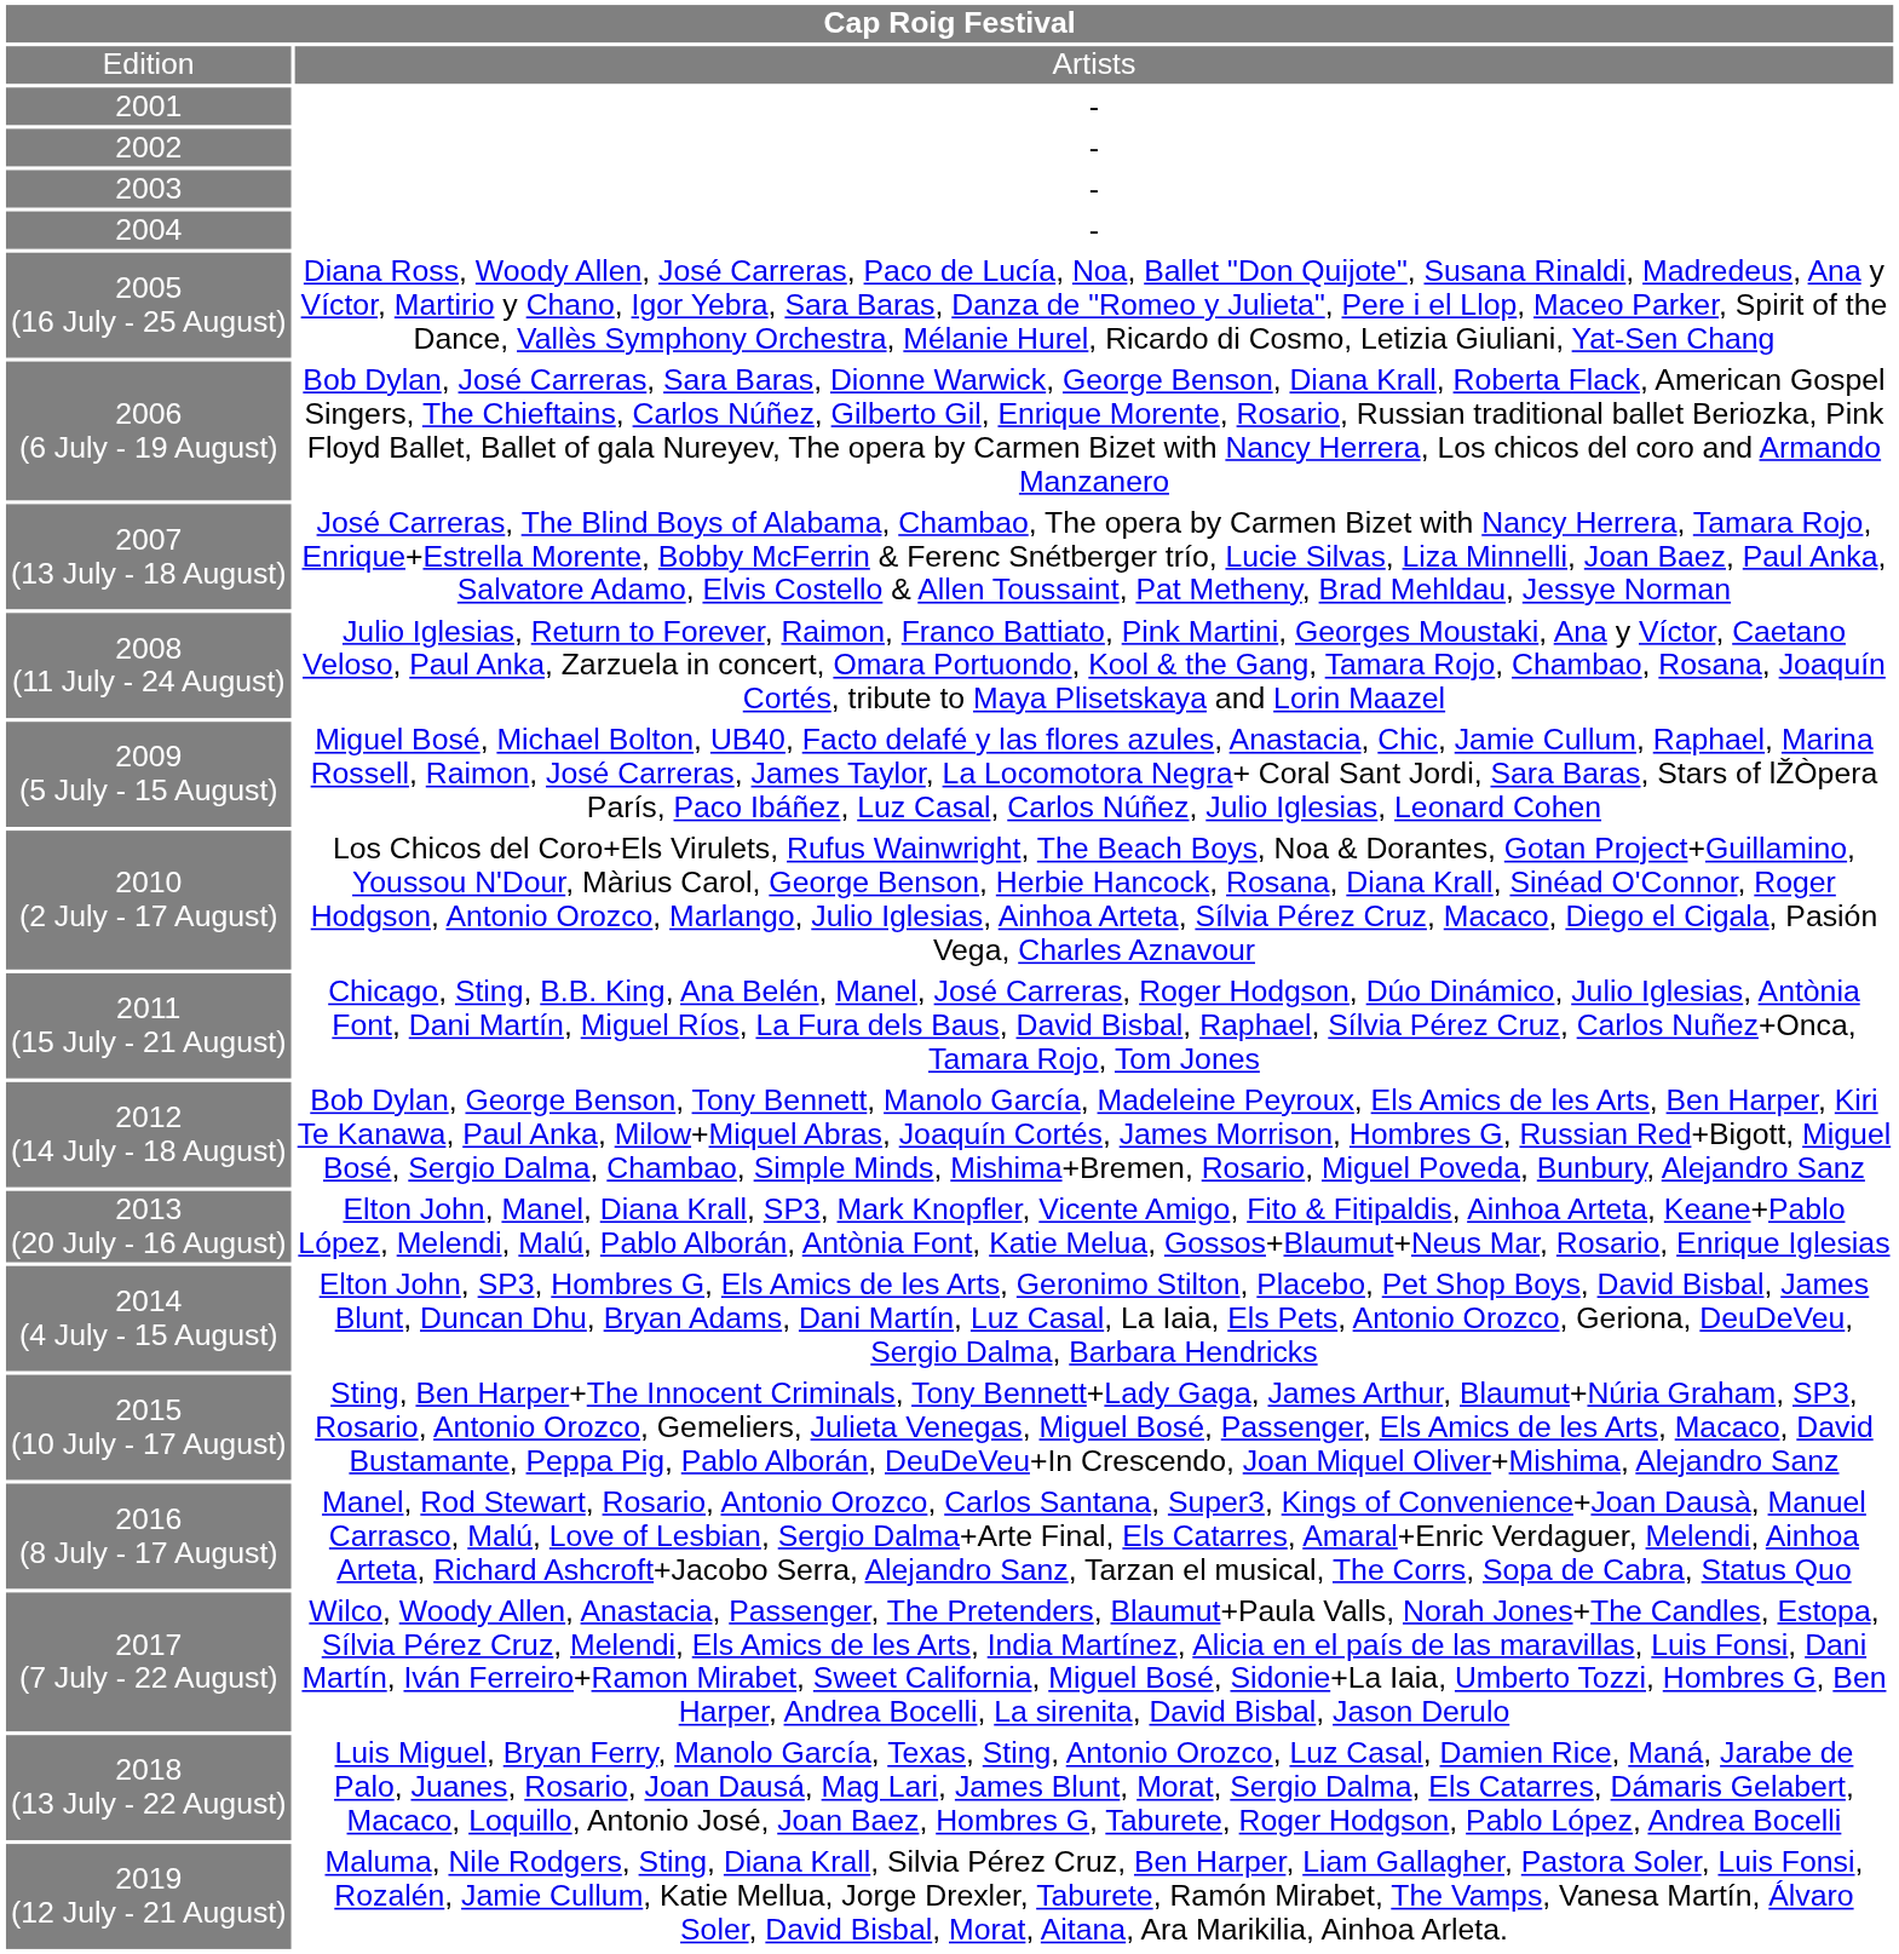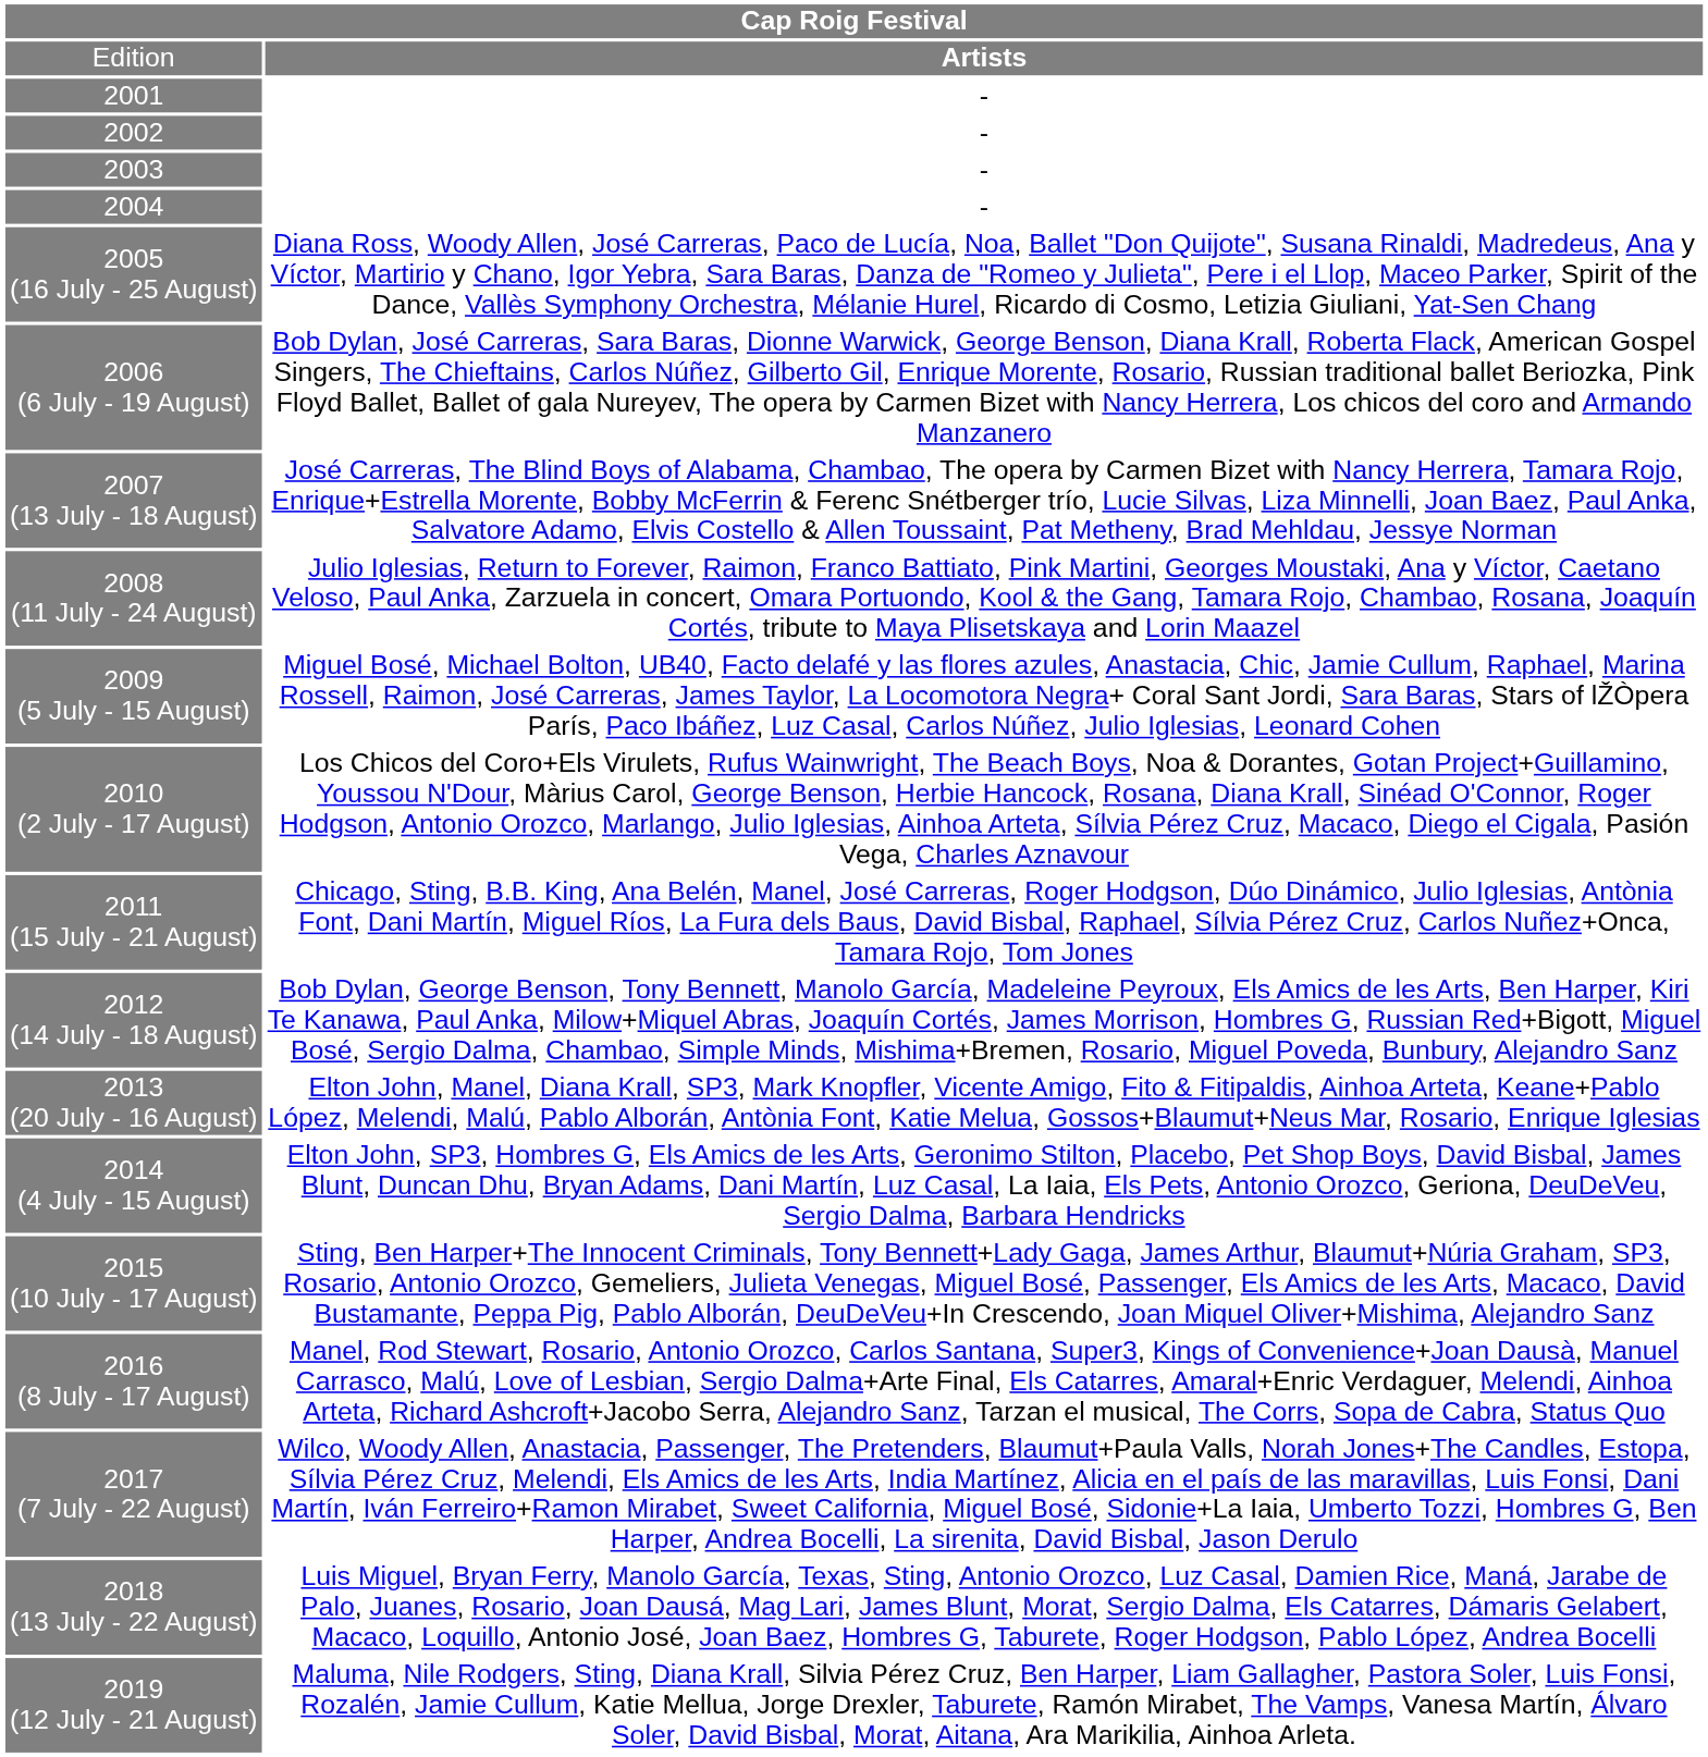 <table align="center">
 <tr>
 <td align="center" style="color:white" bgcolor="gray" colspan=2><strong>Cap Roig Festival</strong></td>
 </tr>
 <tr>
 <td align="center" style="width:150px;color:white" bgcolor="gray">Edition</td>
-<td align="center" style="width:850px;color:white;background:gray;">Artists</td>
+<td align="center" style="width:850px;color:white;background:gray;"><strong>Artists</strong></td>
 </tr>
 <tr>
 <td align="center" style="width:150px;color:white" bgcolor="gray">2001</td>
 <td align="center" style="width:850px;color:black;background;white;">-</td>
 </tr>
 <tr>
 <td align="center" style="width:150px;color:white" bgcolor="gray">2002</td>
 <td align="center" style="width:850px;color:black;background;white;">-</td>
 </tr>
 <tr>
 <td align="center" style="width:150px;color:white" bgcolor="gray">2003</td>
 <td align="center" style="width:850px;color:black;background;white;">-</td>
 </tr>
 <tr>
 <td align="center" style="width:150px;color:white" bgcolor="gray">2004</td>
 <td align="center" style="width:850px;color:black;background;white;">-</td>
 </tr>
 <tr>
 <td align="center" style="width:150px;color:white" bgcolor="gray">2005<br>(16 July - 25 August)</td>
 <td align="center" style="width:850px;color:black;background;white;"><a href='#'>Diana Ross</a>, <a href='#'>Woody Allen</a>, <a href='#'>José Carreras</a>, <a href='#'>Paco de Lucía</a>, <a href='#'>Noa</a>, <a href='#'>Ballet "Don Quijote"</a>, <a href='#'>Susana Rinaldi</a>, <a href='#'>Madredeus</a>, <a href='#'>Ana</a> y <a href='#'>Víctor</a>, <a href='#'>Martirio</a> y <a href='#'>Chano</a>, <a href='#'>Igor Yebra</a>, <a href='#'>Sara Baras</a>, <a href='#'>Danza de "Romeo y Julieta"</a>, <a href='#'>Pere i el Llop</a>, <a href='#'>Maceo Parker</a>, Spirit of the Dance, <a href='#'>Vallès Symphony Orchestra</a>, <a href='#'>Mélanie Hurel</a>, Ricardo di Cosmo, Letizia Giuliani, <a href='#'>Yat-Sen Chang</a></td>
 </tr>
 <tr>
 <td align="center" style="width:150px;color:white" bgcolor="gray">2006<br>(6 July - 19 August)</td>
 <td align="center" style="width:850px;color:black;background;white;"><a href='#'>Bob Dylan</a>, <a href='#'>José Carreras</a>, <a href='#'>Sara Baras</a>, <a href='#'>Dionne Warwick</a>, <a href='#'>George Benson</a>, <a href='#'>Diana Krall</a>, <a href='#'>Roberta Flack</a>, American Gospel Singers, <a href='#'>The Chieftains</a>, <a href='#'>Carlos Núñez</a>, <a href='#'>Gilberto Gil</a>, <a href='#'>Enrique Morente</a>, <a href='#'>Rosario</a>, Russian traditional ballet Beriozka, Pink Floyd Ballet,  Ballet of gala Nureyev, The opera by Carmen Bizet with <a href='#'>Nancy Herrera</a>, Los chicos del coro and <a href='#'>Armando Manzanero</a></td>
 </tr>
 <tr>
 <td align="center" style="width:150px;color:white" bgcolor="gray">2007<br>(13 July - 18 August)</td>
 <td align="center" style="width:850px;color:black;background;white;"><a href='#'>José Carreras</a>, <a href='#'>The Blind Boys of Alabama</a>, <a href='#'>Chambao</a>, The opera by Carmen Bizet with <a href='#'>Nancy Herrera</a>, <a href='#'>Tamara Rojo</a>, <a href='#'>Enrique</a>+<a href='#'>Estrella Morente</a>, <a href='#'>Bobby McFerrin</a> & Ferenc Snétberger trío, <a href='#'>Lucie Silvas</a>, <a href='#'>Liza Minnelli</a>, <a href='#'>Joan Baez</a>, <a href='#'>Paul Anka</a>, <a href='#'>Salvatore Adamo</a>, <a href='#'>Elvis Costello</a> & <a href='#'>Allen Toussaint</a>, <a href='#'>Pat Metheny</a>, <a href='#'>Brad Mehldau</a>, <a href='#'>Jessye Norman</a></td>
 </tr>
 <tr>
 <td align="center" style="width:150px;color:white" bgcolor="gray">2008<br>(11 July - 24 August)</td>
 <td align="center" style="width:850px;color:black;background;white;"><a href='#'>Julio Iglesias</a>, <a href='#'>Return to Forever</a>, <a href='#'>Raimon</a>, <a href='#'>Franco Battiato</a>, <a href='#'>Pink Martini</a>, <a href='#'>Georges Moustaki</a>, <a href='#'>Ana</a> y <a href='#'>Víctor</a>, <a href='#'>Caetano Veloso</a>, <a href='#'>Paul Anka</a>, Zarzuela in concert, <a href='#'>Omara Portuondo</a>, <a href='#'>Kool & the Gang</a>, <a href='#'>Tamara Rojo</a>, <a href='#'>Chambao</a>, <a href='#'>Rosana</a>, <a href='#'>Joaquín Cortés</a>, tribute to <a href='#'>Maya Plisetskaya</a> and <a href='#'>Lorin Maazel</a></td>
 </tr>
 <tr>
 <td align="center" style="width:150px;color:white" bgcolor="gray">2009<br>(5 July - 15 August)</td>
 <td align="center" style="width:850px;color:black;background;white;"><a href='#'>Miguel Bosé</a>, <a href='#'>Michael Bolton</a>, <a href='#'>UB40</a>, <a href='#'>Facto delafé y las flores azules</a>, <a href='#'>Anastacia</a>, <a href='#'>Chic</a>, <a href='#'>Jamie Cullum</a>, <a href='#'>Raphael</a>, <a href='#'>Marina Rossell</a>, <a href='#'>Raimon</a>, <a href='#'>José Carreras</a>, <a href='#'>James Taylor</a>, <a href='#'>La Locomotora Negra</a>+ Coral Sant Jordi, <a href='#'>Sara Baras</a>, Stars of lŽÒpera París, <a href='#'>Paco Ibáñez</a>, <a href='#'>Luz Casal</a>, <a href='#'>Carlos Núñez</a>, <a href='#'>Julio Iglesias</a>, <a href='#'>Leonard Cohen</a></td>
 </tr>
 <tr>
 <td align="center" style="width:150px;color:white" bgcolor="gray">2010<br>(2 July - 17 August)</td>
 <td align="center" style="width:850px;color:black;background;white;">Los Chicos del Coro+Els Virulets, <a href='#'>Rufus Wainwright</a>, <a href='#'>The Beach Boys</a>, Noa & Dorantes, <a href='#'>Gotan Project</a>+<a href='#'>Guillamino</a>, <a href='#'>Youssou N'Dour</a>, Màrius Carol, <a href='#'>George Benson</a>, <a href='#'>Herbie Hancock</a>, <a href='#'>Rosana</a>, <a href='#'>Diana Krall</a>, <a href='#'>Sinéad O'Connor</a>, <a href='#'>Roger Hodgson</a>, <a href='#'>Antonio Orozco</a>, <a href='#'>Marlango</a>, <a href='#'>Julio Iglesias</a>, <a href='#'>Ainhoa Arteta</a>, <a href='#'>Sílvia Pérez Cruz</a>, <a href='#'>Macaco</a>, <a href='#'>Diego el Cigala</a>, Pasión Vega, <a href='#'>Charles Aznavour</a></td>
 </tr>
 <tr>
 <td align="center" style="width:150px;color:white" bgcolor="gray">2011<br>(15 July - 21 August)</td>
 <td align="center" style="width:850px;color:black;background;white;"><a href='#'>Chicago</a>, <a href='#'>Sting</a>, <a href='#'>B.B. King</a>, <a href='#'>Ana Belén</a>, <a href='#'>Manel</a>, <a href='#'>José Carreras</a>, <a href='#'>Roger Hodgson</a>, <a href='#'>Dúo Dinámico</a>, <a href='#'>Julio Iglesias</a>, <a href='#'>Antònia Font</a>, <a href='#'>Dani Martín</a>, <a href='#'>Miguel Ríos</a>, <a href='#'>La Fura dels Baus</a>, <a href='#'>David Bisbal</a>, <a href='#'>Raphael</a>, <a href='#'>Sílvia Pérez Cruz</a>, <a href='#'>Carlos Nuñez</a>+Onca, <a href='#'>Tamara Rojo</a>, <a href='#'>Tom Jones</a></td>
 </tr>
 <tr>
 <td align="center" style="width:150px;color:white" bgcolor="gray">2012<br>(14 July - 18 August)</td>
 <td align="center" style="width:850px;color:black;background;white;"><a href='#'>Bob Dylan</a>, <a href='#'>George Benson</a>, <a href='#'>Tony Bennett</a>, <a href='#'>Manolo García</a>, <a href='#'>Madeleine Peyroux</a>, <a href='#'>Els Amics de les Arts</a>, <a href='#'>Ben Harper</a>, <a href='#'>Kiri Te Kanawa</a>, <a href='#'>Paul Anka</a>, <a href='#'>Milow</a>+<a href='#'>Miquel Abras</a>, <a href='#'>Joaquín Cortés</a>, <a href='#'>James Morrison</a>, <a href='#'>Hombres G</a>, <a href='#'>Russian Red</a>+Bigott, <a href='#'>Miguel Bosé</a>, <a href='#'>Sergio Dalma</a>, <a href='#'>Chambao</a>, <a href='#'>Simple Minds</a>, <a href='#'>Mishima</a>+Bremen, <a href='#'>Rosario</a>, <a href='#'>Miguel Poveda</a>, <a href='#'>Bunbury</a>, <a href='#'>Alejandro Sanz</a></td>
 </tr>
 <tr>
 <td align="center" style="width:150px;color:white" bgcolor="gray">2013<br>(20 July - 16 August)</td>
 <td align="center" style="width:850px;color:black;background;white;"><a href='#'>Elton John</a>, <a href='#'>Manel</a>, <a href='#'>Diana Krall</a>, <a href='#'>SP3</a>, <a href='#'>Mark Knopfler</a>, <a href='#'>Vicente Amigo</a>, <a href='#'>Fito & Fitipaldis</a>, <a href='#'>Ainhoa Arteta</a>, <a href='#'>Keane</a>+<a href='#'>Pablo López</a>, <a href='#'>Melendi</a>, <a href='#'>Malú</a>, <a href='#'>Pablo Alborán</a>, <a href='#'>Antònia Font</a>, <a href='#'>Katie Melua</a>, <a href='#'>Gossos</a>+<a href='#'>Blaumut</a>+<a href='#'>Neus Mar</a>, <a href='#'>Rosario</a>, <a href='#'>Enrique Iglesias</a></td>
 </tr>
 <tr>
 <td align="center" style="width:150px;color:white" bgcolor="gray">2014<br>(4 July - 15 August)</td>
 <td align="center" style="width:850px;color:black;background;white;"><a href='#'>Elton John</a>, <a href='#'>SP3</a>, <a href='#'>Hombres G</a>, <a href='#'>Els Amics de les Arts</a>, <a href='#'>Geronimo Stilton</a>, <a href='#'>Placebo</a>, <a href='#'>Pet Shop Boys</a>, <a href='#'>David Bisbal</a>, <a href='#'>James Blunt</a>, <a href='#'>Duncan Dhu</a>, <a href='#'>Bryan Adams</a>, <a href='#'>Dani Martín</a>, <a href='#'>Luz Casal</a>, La Iaia, <a href='#'>Els Pets</a>, <a href='#'>Antonio Orozco</a>, Geriona, <a href='#'>DeuDeVeu</a>, <a href='#'>Sergio Dalma</a>, <a href='#'>Barbara Hendricks</a></td>
 </tr>
 <tr>
 <td align="center" style="width:150px;color:white" bgcolor="gray">2015<br>(10 July - 17 August)</td>
 <td align="center" style="width:850px;color:black;background;white;"><a href='#'>Sting</a>, <a href='#'>Ben Harper</a>+<a href='#'>The Innocent Criminals</a>, <a href='#'>Tony Bennett</a>+<a href='#'>Lady Gaga</a>, <a href='#'>James Arthur</a>, <a href='#'>Blaumut</a>+<a href='#'>Núria Graham</a>, <a href='#'>SP3</a>, <a href='#'>Rosario</a>, <a href='#'>Antonio Orozco</a>, Gemeliers, <a href='#'>Julieta Venegas</a>, <a href='#'>Miguel Bosé</a>, <a href='#'>Passenger</a>, <a href='#'>Els Amics de les Arts</a>, <a href='#'>Macaco</a>, <a href='#'>David Bustamante</a>, <a href='#'>Peppa Pig</a>, <a href='#'>Pablo Alborán</a>, <a href='#'>DeuDeVeu</a>+In Crescendo, <a href='#'>Joan Miquel Oliver</a>+<a href='#'>Mishima</a>, <a href='#'>Alejandro Sanz</a></td>
 </tr>
 <tr>
 <td align="center" style="width:150px;color:white" bgcolor="gray">2016 <br>(8 July - 17 August)</td>
 <td align="center" style="width:850px;color:black;background;white;"><a href='#'>Manel</a>, <a href='#'>Rod Stewart</a>, <a href='#'>Rosario</a>, <a href='#'>Antonio Orozco</a>, <a href='#'>Carlos Santana</a>, <a href='#'>Super3</a>, <a href='#'>Kings of Convenience</a>+<a href='#'>Joan Dausà</a>, <a href='#'>Manuel Carrasco</a>, <a href='#'>Malú</a>, <a href='#'>Love of Lesbian</a>, <a href='#'>Sergio Dalma</a>+Arte Final, <a href='#'>Els Catarres</a>, <a href='#'>Amaral</a>+Enric Verdaguer, <a href='#'>Melendi</a>, <a href='#'>Ainhoa Arteta</a>, <a href='#'>Richard Ashcroft</a>+Jacobo Serra, <a href='#'>Alejandro Sanz</a>, Tarzan el musical, <a href='#'>The Corrs</a>, <a href='#'>Sopa de Cabra</a>, <a href='#'>Status Quo</a></td>
 </tr>
 <tr>
 <td align="center" style="width:150px;color:white" bgcolor="gray">2017 <br>(7 July - 22 August)</td>
 <td align="center" style="width:850px;color:black;background;white;"><a href='#'>Wilco</a>, <a href='#'>Woody Allen</a>, <a href='#'>Anastacia</a>, <a href='#'>Passenger</a>, <a href='#'>The Pretenders</a>, <a href='#'>Blaumut</a>+Paula Valls, <a href='#'>Norah Jones</a>+<a href='#'>The Candles</a>, <a href='#'>Estopa</a>, <a href='#'>Sílvia Pérez Cruz</a>, <a href='#'>Melendi</a>, <a href='#'>Els Amics de les Arts</a>, <a href='#'>India Martínez</a>, <a href='#'>Alicia en el país de las maravillas</a>, <a href='#'>Luis Fonsi</a>, <a href='#'>Dani Martín</a>, <a href='#'>Iván Ferreiro</a>+<a href='#'>Ramon Mirabet</a>, <a href='#'>Sweet California</a>, <a href='#'>Miguel Bosé</a>, <a href='#'>Sidonie</a>+La Iaia, <a href='#'>Umberto Tozzi</a>, <a href='#'>Hombres G</a>, <a href='#'>Ben Harper</a>, <a href='#'>Andrea Bocelli</a>, <a href='#'>La sirenita</a>, <a href='#'>David Bisbal</a>, <a href='#'>Jason Derulo</a></td>
 </tr>
 <tr>
 <td align="center" style="width:150px;color:white" bgcolor="gray">2018 <br>(13 July - 22 August)</td>
 <td align="center" style="width:850px;color:black;background;white;"><a href='#'>Luis Miguel</a>, <a href='#'>Bryan Ferry</a>, <a href='#'>Manolo García</a>, <a href='#'>Texas</a>, <a href='#'>Sting</a>, <a href='#'>Antonio Orozco</a>, <a href='#'>Luz Casal</a>, <a href='#'>Damien Rice</a>, <a href='#'>Maná</a>, <a href='#'>Jarabe de Palo</a>, <a href='#'>Juanes</a>, <a href='#'>Rosario</a>, <a href='#'>Joan Dausá</a>, <a href='#'>Mag Lari</a>, <a href='#'>James Blunt</a>, <a href='#'>Morat</a>, <a href='#'>Sergio Dalma</a>, <a href='#'>Els Catarres</a>, <a href='#'>Dámaris Gelabert</a>, <a href='#'>Macaco</a>, <a href='#'>Loquillo</a>, Antonio José, <a href='#'>Joan Baez</a>, <a href='#'>Hombres G</a>, <a href='#'>Taburete</a>, <a href='#'>Roger Hodgson</a>, <a href='#'>Pablo López</a>, <a href='#'>Andrea Bocelli</a></td>
 </tr>
 <tr>
 <td align="center" style="width:150px;color:white" bgcolor="gray">2019 <br>(12 July - 21 August)</td>
 <td align="center" style="width:850px;color:black;background;white;"><a href='#'>Maluma</a>, <a href='#'>Nile Rodgers</a>, <a href='#'>Sting</a>, <a href='#'>Diana Krall</a>, Silvia Pérez Cruz, <a href='#'>Ben Harper</a>, <a href='#'>Liam Gallagher</a>, <a href='#'>Pastora Soler</a>, <a href='#'>Luis Fonsi</a>, <a href='#'>Rozalén</a>, <a href='#'>Jamie Cullum</a>, Katie Mellua, Jorge Drexler, <a href='#'>Taburete</a>, Ramón Mirabet, <a href='#'>The Vamps</a>, Vanesa Martín, <a href='#'>Álvaro Soler</a>, <a href='#'>David Bisbal</a>, <a href='#'>Morat</a>, <a href='#'>Aitana</a>, Ara Marikilia, Ainhoa Arleta.</td>
 </tr>
 </table>
